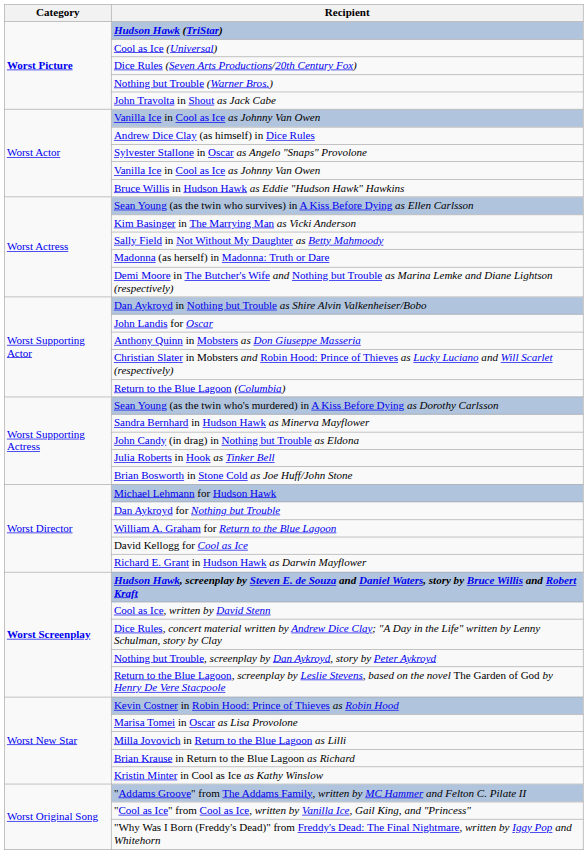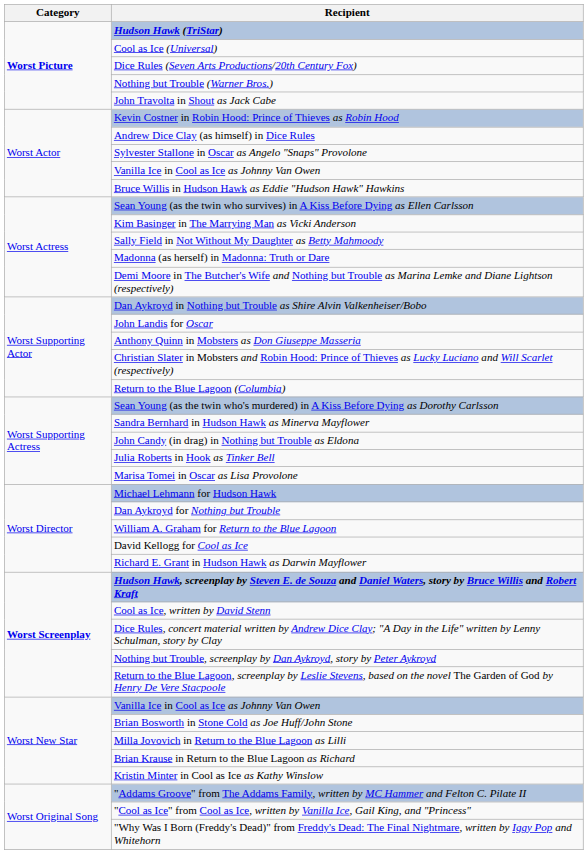 <table class="wikitable" width="95%" align="centre">
 <tr>
 <th>Category</th>
 <th>Recipient</th>
 </tr>
 <tr>
 <td rowspan=5><strong><a href='#'>Worst Picture</a></strong></td>
 <td style="background:#B0C4DE;"><strong><em><a href='#'>Hudson Hawk</a><em> (<a href='#'>TriStar</a>)<strong></td>
 </tr>
 <tr>
 <td></em><a href='#'>Cool as Ice</a><em> (<a href='#'>Universal</a>)</td>
 </tr>
 <tr>
 <td></em><a href='#'>Dice Rules</a><em> (<a href='#'>Seven Arts Productions</a>/<a href='#'>20th Century Fox</a>)</td>
 </tr>
 <tr>
 <td></em><a href='#'>Nothing but Trouble</a><em> (<a href='#'>Warner Bros.</a>)</td>
 </tr>
 <tr>
 <td><a href='#'>John Travolta</a> in </em><a href='#'>Shout</a><em> as Jack Cabe</td>
 </tr>
 <tr>
 <td rowspan=5></strong><a href='#'>Worst Actor</a><strong></td>
-<td style="background:#B0C4DE;"></strong><a href='#'>Vanilla Ice</a> in </em><a href='#'>Cool as Ice</a><em> as Johnny Van Owen<strong></td>
+<td style="background:#B0C4DE;"></strong><a href='#'>Kevin Costner</a> in </em><a href='#'>Robin Hood: Prince of Thieves</a><em> as <a href='#'>Robin Hood</a><strong></td>
 </tr>
 <tr>
 <td><a href='#'>Andrew Dice Clay</a> (as himself) in </em><a href='#'>Dice Rules</a><em></td>
 </tr>
 <tr>
 <td><a href='#'>Sylvester Stallone</a> in </em><a href='#'>Oscar</a><em> as Angelo "Snaps" Provolone</td>
 </tr>
 <tr>
 <td><a href='#'>Vanilla Ice</a> in </em><a href='#'>Cool as Ice</a><em> as Johnny Van Owen</td>
 </tr>
 <tr>
 <td><a href='#'>Bruce Willis</a> in </em><a href='#'>Hudson Hawk</a><em> as Eddie "Hudson Hawk" Hawkins</td>
 </tr>
 <tr>
 <td rowspan=5></strong><a href='#'>Worst Actress</a><strong></td>
 <td style="background:#B0C4DE;"></strong><a href='#'>Sean Young</a> (as the twin who survives) in </em><a href='#'>A Kiss Before Dying</a><em> as Ellen Carlsson<strong></td>
 </tr>
 <tr>
 <td><a href='#'>Kim Basinger</a> in </em><a href='#'>The Marrying Man</a><em> as Vicki Anderson</td>
 </tr>
 <tr>
 <td><a href='#'>Sally Field</a> in </em><a href='#'>Not Without My Daughter</a><em> as <a href='#'>Betty Mahmoody</a></td>
 </tr>
 <tr>
 <td><a href='#'>Madonna</a> (as herself) in </em><a href='#'>Madonna: Truth or Dare</a><em></td>
 </tr>
 <tr>
 <td><a href='#'>Demi Moore</a> in </em><a href='#'>The Butcher's Wife</a><em> and </em><a href='#'>Nothing but Trouble</a><em> as Marina Lemke and Diane Lightson (respectively)</td>
 </tr>
 <tr>
 <td rowspan=5></strong><a href='#'>Worst Supporting Actor</a><strong></td>
 <td style="background:#B0C4DE;"></strong><a href='#'>Dan Aykroyd</a> in </em><a href='#'>Nothing but Trouble</a><em> as Shire Alvin Valkenheiser/Bobo<strong></td>
 </tr>
 <tr>
 <td><a href='#'>John Landis</a> for <em><a href='#'>Oscar</a></em></td>
 </tr>
 <tr>
 <td><a href='#'>Anthony Quinn</a> in </em><a href='#'>Mobsters</a><em> as <a href='#'>Don Giuseppe Masseria</a></td>
 </tr>
 <tr>
 <td><a href='#'>Christian Slater</a> in </em>Mobsters<em> and </em><a href='#'>Robin Hood: Prince of Thieves</a><em> as <a href='#'>Lucky Luciano</a> and <a href='#'>Will Scarlet</a> (respectively)</td>
 </tr>
 <tr>
 <td></em><a href='#'>Return to the Blue Lagoon</a><em> (<a href='#'>Columbia</a>)</td>
 </tr>
 <tr>
 <td rowspan=5></strong><a href='#'>Worst Supporting Actress</a><strong></td>
 <td style="background:#B0C4DE;"></strong><a href='#'>Sean Young</a> (as the twin who's murdered) in </em><a href='#'>A Kiss Before Dying</a><em> as Dorothy Carlsson<strong></td>
 </tr>
 <tr>
 <td><a href='#'>Sandra Bernhard</a> in </em><a href='#'>Hudson Hawk</a><em> as Minerva Mayflower</td>
 </tr>
 <tr>
 <td><a href='#'>John Candy</a> (in drag) in </em><a href='#'>Nothing but Trouble</a><em> as Eldona</td>
 </tr>
 <tr>
 <td><a href='#'>Julia Roberts</a> in </em><a href='#'>Hook</a><em> as <a href='#'>Tinker Bell</a></td>
 </tr>
 <tr>
-<td><a href='#'>Brian Bosworth</a> in </em><a href='#'>Stone Cold</a><em> as Joe Huff/John Stone</td>
+<td><a href='#'>Marisa Tomei</a> in </em><a href='#'>Oscar</a><em> as Lisa Provolone</td>
 </tr>
 <tr>
 <td rowspan=5></strong><a href='#'>Worst Director</a><strong></td>
 <td style="background:#B0C4DE;"></strong><a href='#'>Michael Lehmann</a> for </em><a href='#'>Hudson Hawk</a></em></strong></td>
 </tr>
 <tr>
 <td><a href='#'>Dan Aykroyd</a> for <em><a href='#'>Nothing but Trouble</a></em></td>
 </tr>
 <tr>
 <td><a href='#'>William A. Graham</a> for <em><a href='#'>Return to the Blue Lagoon</a></em></td>
 </tr>
 <tr>
 <td>David Kellogg for <em><a href='#'>Cool as Ice</a></em></td>
 </tr>
 <tr>
 <td><a href='#'>Richard E. Grant</a> in </em><a href='#'>Hudson Hawk</a><em> as Darwin Mayflower</td>
 </tr>
 <tr>
 <td rowspan=5><strong><a href='#'>Worst Screenplay</a></strong></td>
 <td style="background:#B0C4DE;"><strong><em><a href='#'>Hudson Hawk</a><em>, screenplay by <a href='#'>Steven E. de Souza</a> and <a href='#'>Daniel Waters</a>, story by <a href='#'>Bruce Willis</a> and <a href='#'>Robert Kraft</a><strong></td>
 </tr>
 <tr>
 <td></em><a href='#'>Cool as Ice</a><em>, written by <a href='#'>David Stenn</a></td>
 </tr>
 <tr>
 <td></em><a href='#'>Dice Rules</a><em>, concert material written by <a href='#'>Andrew Dice Clay</a>; "A Day in the Life" written by Lenny Schulman, story by Clay</td>
 </tr>
 <tr>
 <td></em><a href='#'>Nothing but Trouble</a><em>, screenplay by <a href='#'>Dan Aykroyd</a>, story by <a href='#'>Peter Aykroyd</a></td>
 </tr>
 <tr>
 <td></em><a href='#'>Return to the Blue Lagoon</a><em>, screenplay by <a href='#'>Leslie Stevens</a>, based on the novel </em>The Garden of God<em> by <a href='#'>Henry De Vere Stacpoole</a></td>
 </tr>
 <tr>
 <td rowspan=5></strong><a href='#'>Worst New Star</a><strong></td>
-<td style="background:#B0C4DE;"></strong><a href='#'>Kevin Costner</a> in </em><a href='#'>Robin Hood: Prince of Thieves</a><em> as <a href='#'>Robin Hood</a><strong></td>
+<td style="background:#B0C4DE;"></strong><a href='#'>Vanilla Ice</a> in </em><a href='#'>Cool as Ice</a><em> as Johnny Van Owen<strong></td>
 </tr>
 <tr>
-<td><a href='#'>Marisa Tomei</a> in </em><a href='#'>Oscar</a><em> as Lisa Provolone</td>
+<td><a href='#'>Brian Bosworth</a> in </em><a href='#'>Stone Cold</a><em> as Joe Huff/John Stone</td>
 </tr>
 <tr>
 <td><a href='#'>Milla Jovovich</a> in </em><a href='#'>Return to the Blue Lagoon</a><em> as Lilli</td>
 </tr>
 <tr>
 <td><a href='#'>Brian Krause</a> in </em>Return to the Blue Lagoon<em> as Richard</td>
 </tr>
 <tr>
 <td><a href='#'>Kristin Minter</a> in </em>Cool as Ice<em> as Kathy Winslow</td>
 </tr>
 <tr>
 <td rowspan=3></strong><a href='#'>Worst Original Song</a><strong></td>
 <td style="background:#B0C4DE;"></strong>"<a href='#'>Addams Groove</a>" from </em><a href='#'>The Addams Family</a><em>, written by <a href='#'>MC Hammer</a> and Felton C. Pilate II<strong></td>
 </tr>
 <tr>
 <td>"<a href='#'>Cool as Ice</a>" from </em><a href='#'>Cool as Ice</a><em>, written by <a href='#'>Vanilla Ice</a>, Gail King, and "Princess"</td>
 </tr>
 <tr>
 <td>"Why Was I Born (Freddy's Dead)" from </em><a href='#'>Freddy's Dead: The Final Nightmare</a><em>, written by <a href='#'>Iggy Pop</a> and Whitehorn</td>
 </tr>
 </table>
